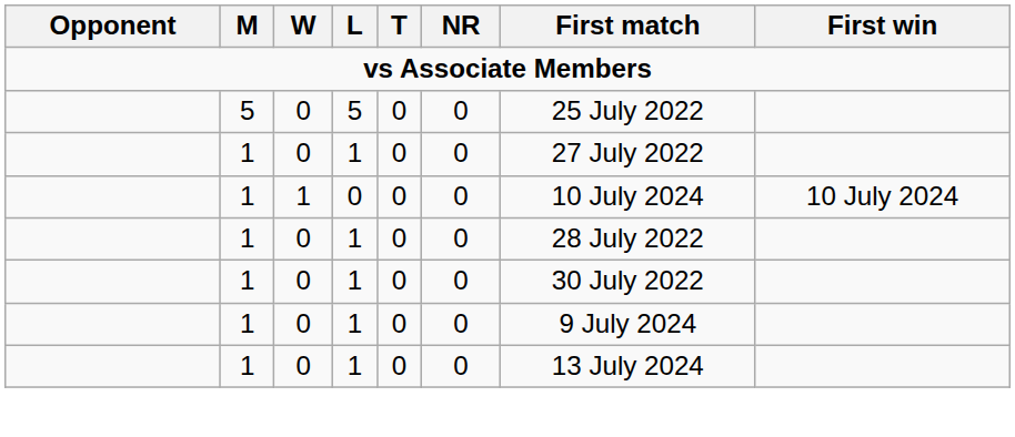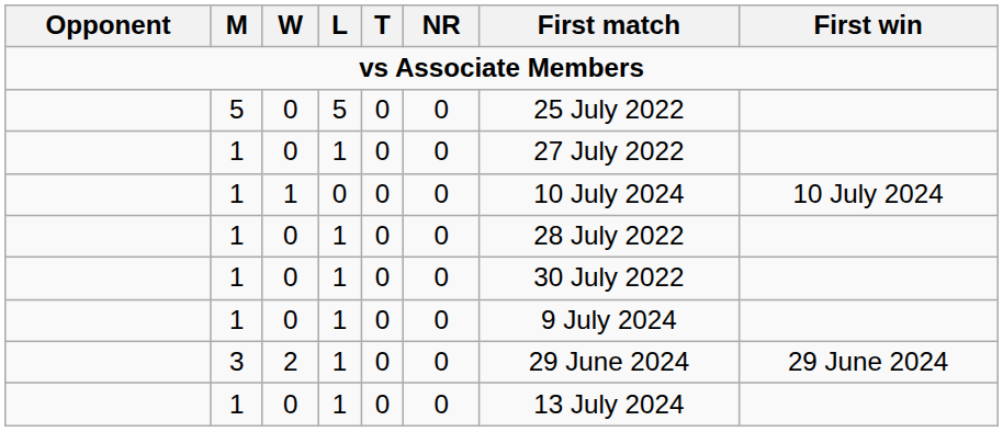 <table class="wikitable" style="text-align: center; width: 600px;">
 <tr>
 <th>Opponent</th>
 <th>M</th>
 <th>W</th>
 <th>L</th>
 <th>T</th>
 <th>NR</th>
 <th>First match</th>
 <th>First win</th>
 </tr>
 <tr>
 <td colspan="8" style="text-align:center;"><strong>vs Associate Members</strong></td>
 </tr>
 <tr>
 <td align=left></td>
 <td>5</td>
 <td>0</td>
 <td>5</td>
 <td>0</td>
 <td>0</td>
 <td>25 July 2022</td>
 <td></td>
 </tr>
 <tr>
 <td align=left></td>
 <td>1</td>
 <td>0</td>
 <td>1</td>
 <td>0</td>
 <td>0</td>
 <td>27 July 2022</td>
 <td></td>
 </tr>
 <tr>
 <td align=left></td>
 <td>1</td>
 <td>1</td>
 <td>0</td>
 <td>0</td>
 <td>0</td>
 <td>10 July 2024</td>
 <td>10 July 2024</td>
 </tr>
 <tr>
 <td align=left></td>
 <td>1</td>
 <td>0</td>
 <td>1</td>
 <td>0</td>
 <td>0</td>
 <td>28 July 2022</td>
 <td></td>
 </tr>
 <tr>
 <td align=left></td>
 <td>1</td>
 <td>0</td>
 <td>1</td>
 <td>0</td>
 <td>0</td>
 <td>30 July 2022</td>
 <td></td>
 </tr>
 <tr>
 <td align=left></td>
 <td>1</td>
 <td>0</td>
 <td>1</td>
 <td>0</td>
 <td>0</td>
 <td>9 July 2024</td>
 <td></td>
 </tr>
 <tr>
 <td align=left></td>
+<td>3</td>
+<td>2</td>
+<td>1</td>
+<td>0</td>
+<td>0</td>
+<td>29 June 2024</td>
+<td>29 June 2024</td>
+</tr>
+<tr>
+<td align=left></td>
 <td>1</td>
 <td>0</td>
 <td>1</td>
 <td>0</td>
 <td>0</td>
 <td>13 July 2024</td>
 <td></td>
 </tr>
 </table>
